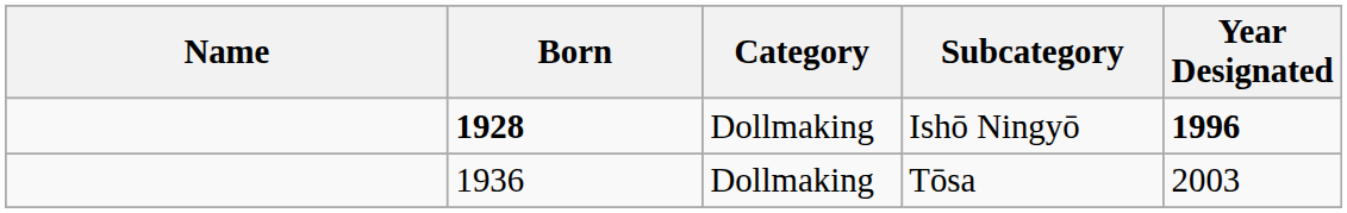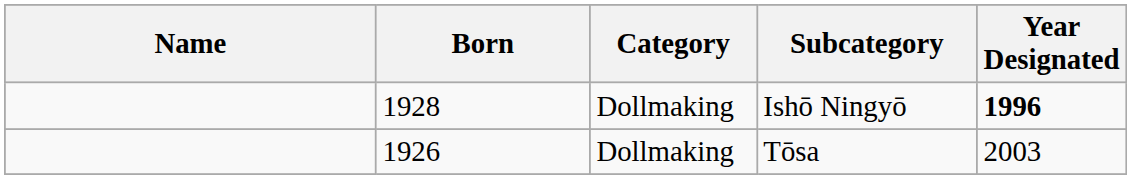 <table class="wikitable sortable"  width="100%" style="backgrōnd:#ffffff;">
 <tr>
 <th width="35%" align="left" style="backgrōnd:#ffdead;">Name</th>
 <th width="20%" align="left" style="backgrōnd:#ffdead;">Born</th>
 <th width="15%" align="left" style="backgrōnd:#ffdead;">Category</th>
 <th width="20%" align="left" style="backgrōnd:#ffdead;">Subcategory</th>
 <th width="10%" align="left" style="backgrōnd:#ffdead;">Year Designated</th>
 </tr>
 <tr>
 <td></td>
-<td><strong>1928</strong></td>
+<td>1928</td>
 <td>Dollmaking</td>
 <td>Ishō Ningyō</td>
 <td><strong>1996</strong></td>
 </tr>
 <tr>
 <td></td>
-<td>1936</td>
+<td>1926</td>
 <td>Dollmaking</td>
 <td>Tōsa</td>
 <td>2003</td>
 </tr>
 </table>
